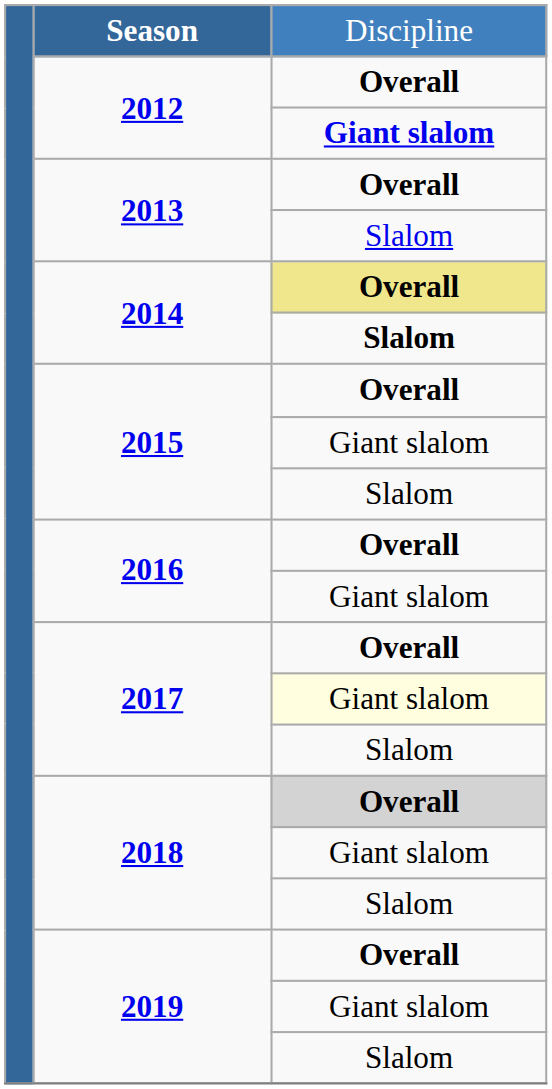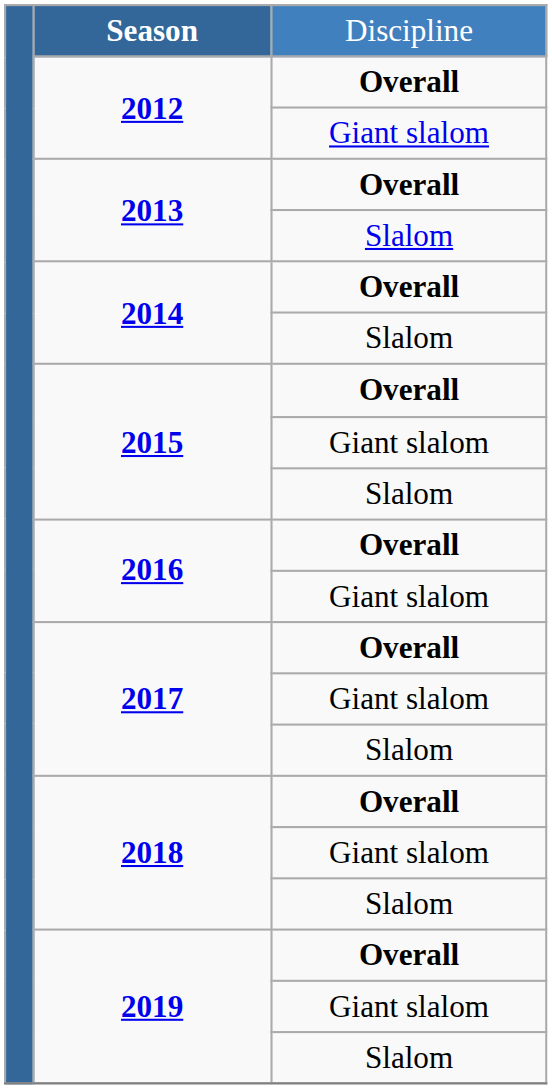 <table class="wikitable" style="font-size:95%; text-align:center; border:grey solid 1px; border-collapse:collapse;" width="30%">
 <tr style="background-color:#369; color:white;">
 <td rowspan="22" width="1%"></td>
 <td rowspan="2" colspan="1" width="10%"><strong>Season</strong></td>
 </tr>
 <tr style="background-color:#4180be; color:white;">
 <td width="10%">Discipline</td>
 </tr>
 <tr>
 <td rowspan=2><strong><a href='#'>2012</a></strong></td>
 <td><strong>Overall</strong></td>
 </tr>
 <tr>
-<td><strong><a href='#'>Giant slalom</a></strong></td>
+<td><a href='#'>Giant slalom</a></td>
 </tr>
 <tr>
 <td rowspan=2><strong><a href='#'>2013</a></strong></td>
 <td><strong>Overall</strong></td>
 </tr>
 <tr>
 <td><a href='#'>Slalom</a></td>
 </tr>
 <tr>
 <td rowspan=2><strong><a href='#'>2014</a></strong></td>
-<td style="background: khaki;"><strong>Overall</strong></td>
+<td><strong>Overall</strong></td>
 </tr>
 <tr>
-<td><strong>Slalom</strong></td>
+<td>Slalom</td>
 </tr>
 <tr>
 <td rowspan=3><strong><a href='#'>2015</a></strong></td>
 <td><strong>Overall</strong></td>
 </tr>
 <tr>
 <td>Giant slalom</td>
 </tr>
 <tr>
 <td>Slalom</td>
 </tr>
 <tr>
 <td rowspan=2><strong><a href='#'>2016</a></strong></td>
 <td><strong>Overall</strong></td>
 </tr>
 <tr>
 <td>Giant slalom</td>
 </tr>
 <tr>
 <td rowspan=3><strong><a href='#'>2017</a></strong></td>
 <td><strong>Overall</strong></td>
 </tr>
 <tr>
-<td style="background: lightyellow;">Giant slalom</td>
+<td>Giant slalom</td>
 </tr>
 <tr>
 <td>Slalom</td>
 </tr>
 <tr>
 <td rowspan=3><strong><a href='#'>2018</a></strong></td>
-<td style="background: lightgrey;"><strong>Overall</strong></td>
+<td><strong>Overall</strong></td>
 </tr>
 <tr>
 <td>Giant slalom</td>
 </tr>
 <tr>
 <td>Slalom</td>
 </tr>
 <tr>
 <td rowspan=3><strong><a href='#'>2019</a></strong></td>
 <td><strong>Overall</strong></td>
 </tr>
 <tr>
 <td>Giant slalom</td>
 </tr>
 <tr>
 <td>Slalom</td>
 </tr>
 <tr>
 </tr>
 </table>
